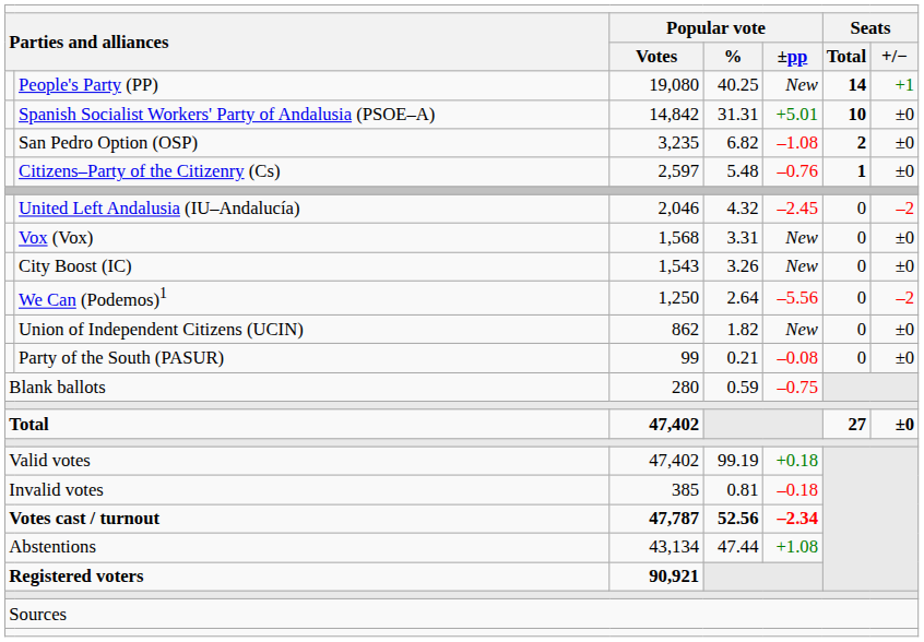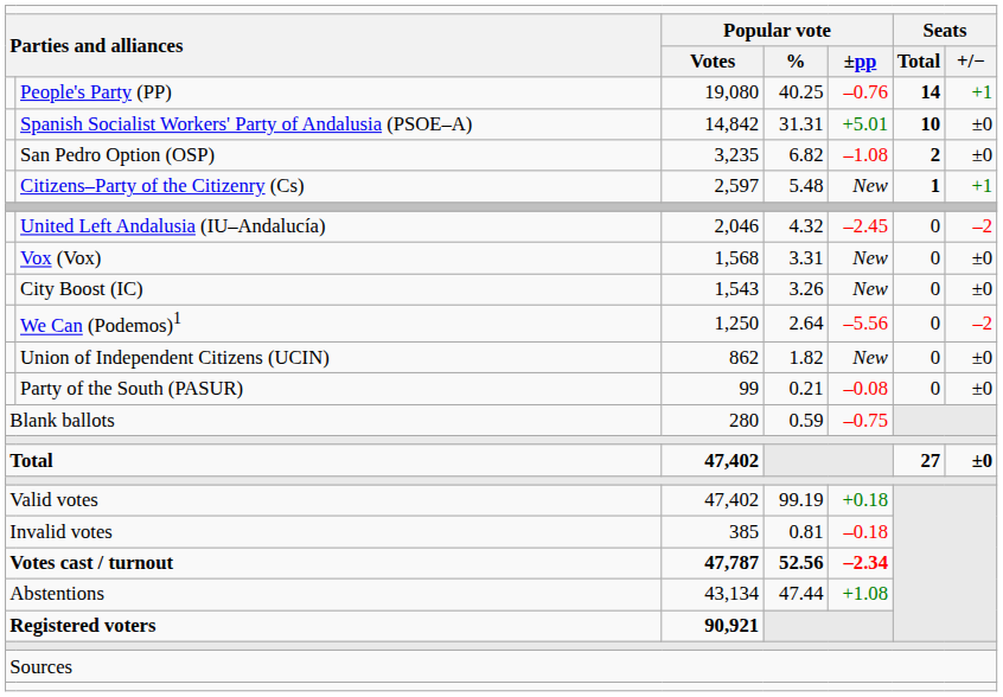 <table class="wikitable" style="text-align:right;">
 <tr>
 <td colspan="7"></td>
 </tr>
 <tr>
 <th style="text-align:left;" rowspan="2" colspan="2" width="525">Parties and alliances</th>
 <th colspan="3">Popular vote</th>
 <th colspan="2">Seats</th>
 </tr>
 <tr>
 <th width="75">Votes</th>
 <th width="45">%</th>
 <th width="45">±<a href='#'>pp</a></th>
 <th width="35">Total</th>
 <th width="35">+/−</th>
 </tr>
 <tr>
 <td width="1" style="color:inherit;background:"></td>
 <td align="left"><a href='#'>People's Party</a> (PP)</td>
 <td>19,080</td>
 <td>40.25</td>
-<td><em>New</em></td>
+<td style="color:red;">–0.76</td>
 <td><strong>14</strong></td>
 <td style="color:green;">+1</td>
 </tr>
 <tr>
 <td style="color:inherit;background:"></td>
 <td align="left"><a href='#'>Spanish Socialist Workers' Party of Andalusia</a> (PSOE–A)</td>
 <td>14,842</td>
 <td>31.31</td>
 <td style="color:green;">+5.01</td>
 <td><strong>10</strong></td>
 <td>±0</td>
 </tr>
 <tr>
 <td style="color:inherit;background:"></td>
 <td align="left">San Pedro Option (OSP)</td>
 <td>3,235</td>
 <td>6.82</td>
 <td style="color:red;">–1.08</td>
 <td><strong>2</strong></td>
 <td>±0</td>
 </tr>
 <tr>
 <td style="color:inherit;background:"></td>
 <td align="left"><a href='#'>Citizens–Party of the Citizenry</a> (Cs)</td>
 <td>2,597</td>
 <td>5.48</td>
-<td style="color:red;">–0.76</td>
+<td><em>New</em></td>
 <td><strong>1</strong></td>
-<td>±0</td>
+<td style="color:green;">+1</td>
 </tr>
 <tr>
 <td colspan="7" bgcolor="#C0C0C0"></td>
 </tr>
 <tr>
 <td style="color:inherit;background:"></td>
 <td align="left"><a href='#'>United Left Andalusia</a> (IU–Andalucía)</td>
 <td>2,046</td>
 <td>4.32</td>
 <td style="color:red;">–2.45</td>
 <td>0</td>
 <td style="color:red;">–2</td>
 </tr>
 <tr>
 <td style="color:inherit;background:"></td>
 <td align="left"><a href='#'>Vox</a> (Vox)</td>
 <td>1,568</td>
 <td>3.31</td>
 <td><em>New</em></td>
 <td>0</td>
 <td>±0</td>
 </tr>
 <tr>
 <td style="color:inherit;background:"></td>
 <td align="left">City Boost (IC)</td>
 <td>1,543</td>
 <td>3.26</td>
 <td><em>New</em></td>
 <td>0</td>
 <td>±0</td>
 </tr>
 <tr>
 <td style="color:inherit;background:"></td>
 <td align="left"><a href='#'>We Can</a> (Podemos)<sup>1</sup></td>
 <td>1,250</td>
 <td>2.64</td>
 <td style="color:red;">–5.56</td>
 <td>0</td>
 <td style="color:red;">–2</td>
 </tr>
 <tr>
 <td style="color:inherit;background:"></td>
 <td align="left">Union of Independent Citizens (UCIN)</td>
 <td>862</td>
 <td>1.82</td>
 <td><em>New</em></td>
 <td>0</td>
 <td>±0</td>
 </tr>
 <tr>
 <td style="color:inherit;background:"></td>
 <td align="left">Party of the South (PASUR)</td>
 <td>99</td>
 <td>0.21</td>
 <td style="color:red;">–0.08</td>
 <td>0</td>
 <td>±0</td>
 </tr>
 <tr>
 <td align="left" colspan="2">Blank ballots</td>
 <td>280</td>
 <td>0.59</td>
 <td style="color:red;">–0.75</td>
 <td bgcolor="#E9E9E9" colspan="2"></td>
 </tr>
 <tr>
 <td colspan="7" bgcolor="#E9E9E9"></td>
 </tr>
 <tr style="font-weight:bold;">
 <td align="left" colspan="2">Total</td>
 <td>47,402</td>
 <td bgcolor="#E9E9E9" colspan="2"></td>
 <td>27</td>
 <td>±0</td>
 </tr>
 <tr>
 <td colspan="7" bgcolor="#E9E9E9"></td>
 </tr>
 <tr>
 <td align="left" colspan="2">Valid votes</td>
 <td>47,402</td>
 <td>99.19</td>
 <td style="color:green;">+0.18</td>
 <td bgcolor="#E9E9E9" colspan="2" rowspan="5"></td>
 </tr>
 <tr>
 <td align="left" colspan="2">Invalid votes</td>
 <td>385</td>
 <td>0.81</td>
 <td style="color:red;">–0.18</td>
 </tr>
 <tr style="font-weight:bold;">
 <td align="left" colspan="2">Votes cast / turnout</td>
 <td>47,787</td>
 <td>52.56</td>
 <td style="color:red;">–2.34</td>
 </tr>
 <tr>
 <td align="left" colspan="2">Abstentions</td>
 <td>43,134</td>
 <td>47.44</td>
 <td style="color:green;">+1.08</td>
 </tr>
 <tr style="font-weight:bold;">
 <td align="left" colspan="2">Registered voters</td>
 <td>90,921</td>
 <td bgcolor="#E9E9E9" colspan="2"></td>
 </tr>
 <tr>
 <td colspan="7" bgcolor="#E9E9E9"></td>
 </tr>
 <tr>
 <td align="left" colspan="7">Sources</td>
 </tr>
 <tr>
 <td colspan="7" style="text-align:left; max-width:790px;"></td>
 </tr>
 </table>
